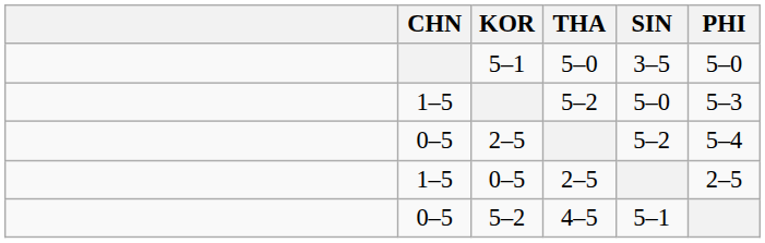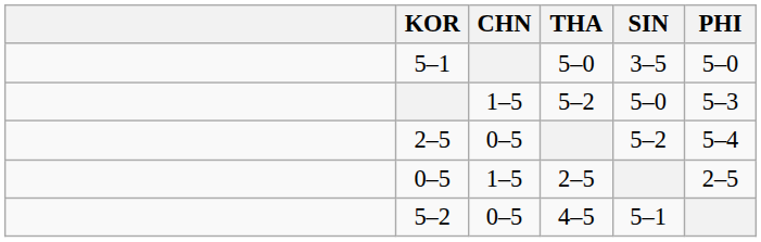 <table class="wikitable" style="text-align:center">
 <tr>
 <th width="250"> </th>
+<th width="40">KOR</th>
 <th width="40">CHN</th>
-<th width="40">KOR</th>
 <th width="40">THA</th>
 <th width="40">SIN</th>
 <th width="40">PHI</th>
 </tr>
 <tr>
 <td align=left></td>
+<td>5–1</td>
 <th></th>
-<td>5–1</td>
 <td>5–0</td>
 <td>3–5</td>
 <td>5–0</td>
 </tr>
 <tr>
 <td align=left></td>
+<th></th>
 <td>1–5</td>
-<th></th>
 <td>5–2</td>
 <td>5–0</td>
 <td>5–3</td>
 </tr>
 <tr>
 <td align=left></td>
+<td>2–5</td>
 <td>0–5</td>
-<td>2–5</td>
 <th></th>
 <td>5–2</td>
 <td>5–4</td>
 </tr>
 <tr>
 <td align=left></td>
+<td>0–5</td>
 <td>1–5</td>
-<td>0–5</td>
 <td>2–5</td>
 <th></th>
 <td>2–5</td>
 </tr>
 <tr>
 <td align=left></td>
+<td>5–2</td>
 <td>0–5</td>
-<td>5–2</td>
 <td>4–5</td>
 <td>5–1</td>
 <th></th>
 </tr>
 </table>
